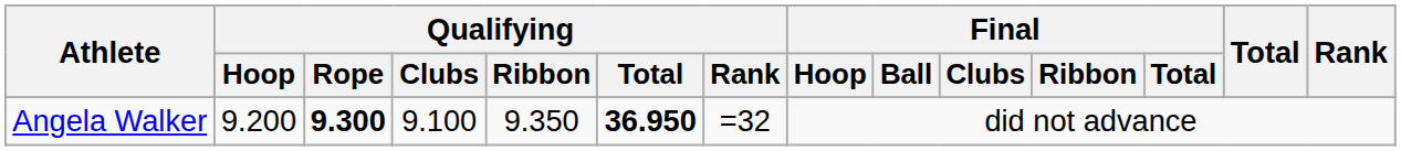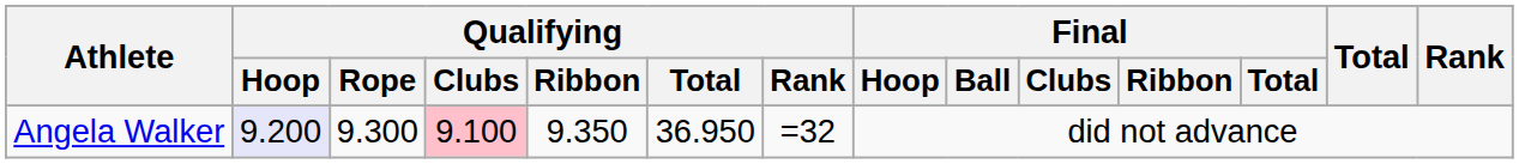 <table class="wikitable" style="text-align:center; font-size:90%">
 <tr>
 <th rowspan=2>Athlete</th>
 <th colspan=6>Qualifying</th>
 <th colspan=5>Final</th>
 <th rowspan=2>Total</th>
 <th rowspan=2>Rank</th>
 </tr>
 <tr style=font-size:95%>
 <th>Hoop</th>
 <th>Rope</th>
 <th>Clubs</th>
 <th>Ribbon</th>
 <th>Total</th>
 <th>Rank</th>
 <th>Hoop</th>
 <th>Ball</th>
 <th>Clubs</th>
 <th>Ribbon</th>
 <th>Total</th>
 </tr>
 <tr>
 <td align=left><a href='#'>Angela Walker</a></td>
-<td>9.200</td>
-<td><strong>9.300</strong></td>
-<td>9.100</td>
+<td style="background: lavender;">9.200</td>
+<td>9.300</td>
+<td style="background: pink;">9.100</td>
 <td>9.350</td>
-<td><strong>36.950</strong></td>
+<td>36.950</td>
 <td>=32</td>
 <td colspan=7>did not advance</td>
 </tr>
 </table>
